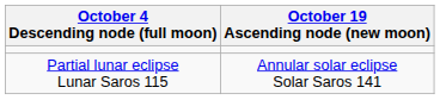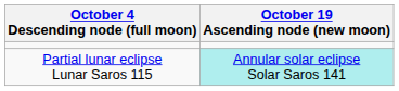 <table class="wikitable">
 <tr>
 <th><a href='#'>October 4</a><br>Descending node (full moon)<br></th>
 <th><a href='#'>October 19</a><br>Ascending node (new moon)<br></th>
 </tr>
 <tr>
 <td></td>
 <td></td>
 </tr>
 <tr align=center>
 <td><a href='#'>Partial lunar eclipse</a><br>Lunar Saros 115</td>
-<td><a href='#'>Annular solar eclipse</a><br>Solar Saros 141</td>
+<td style="background: paleturquoise;"><a href='#'>Annular solar eclipse</a><br>Solar Saros 141</td>
 </tr>
 </table>
